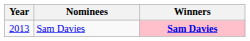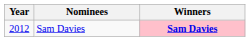 <table class="wikitable">
 <tr>
 <th width=40>Year</th>
 <th width=160>Nominees</th>
 <th width=160>Winners</th>
 </tr>
 <tr>
-<td align=center><a href='#'>2013</a></td>
+<td align=center><a href='#'>2012</a></td>
 <td><a href='#'>Sam Davies</a></td>
 <td align=center style="background: pink;"><strong><a href='#'>Sam Davies</a></strong></td>
 </tr>
 </table>
